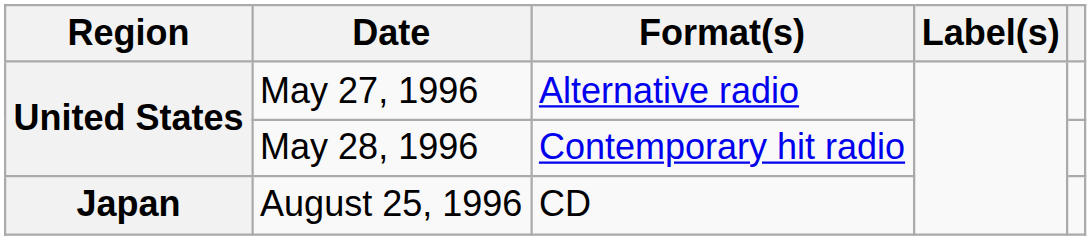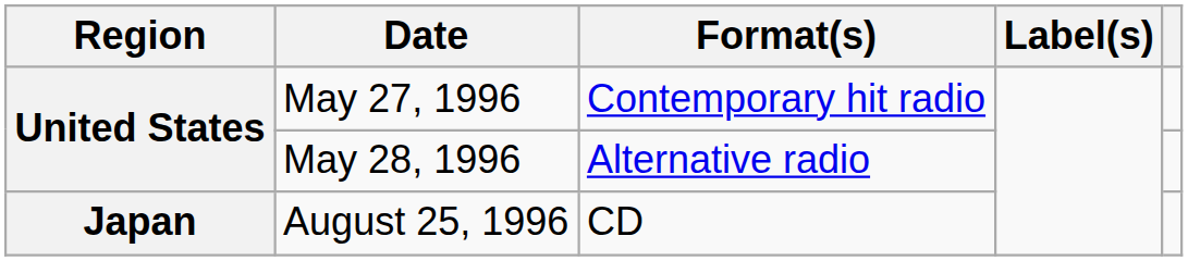 <table class="wikitable plainrowheaders">
 <tr>
 <th scope="col">Region</th>
 <th scope="col">Date</th>
 <th scope="col">Format(s)</th>
 <th scope="col">Label(s)</th>
 <th scope="col"></th>
 </tr>
 <tr>
 <th scope="row" rowspan="2">United States</th>
 <td>May 27, 1996</td>
-<td><a href='#'>Alternative radio</a></td>
+<td><a href='#'>Contemporary hit radio</a></td>
 <td rowspan="3"></td>
 <td></td>
 </tr>
 <tr>
 <td>May 28, 1996</td>
-<td><a href='#'>Contemporary hit radio</a></td>
+<td><a href='#'>Alternative radio</a></td>
 <td></td>
 </tr>
 <tr>
 <th scope="row">Japan</th>
 <td>August 25, 1996</td>
 <td>CD</td>
 <td></td>
 </tr>
 </table>
